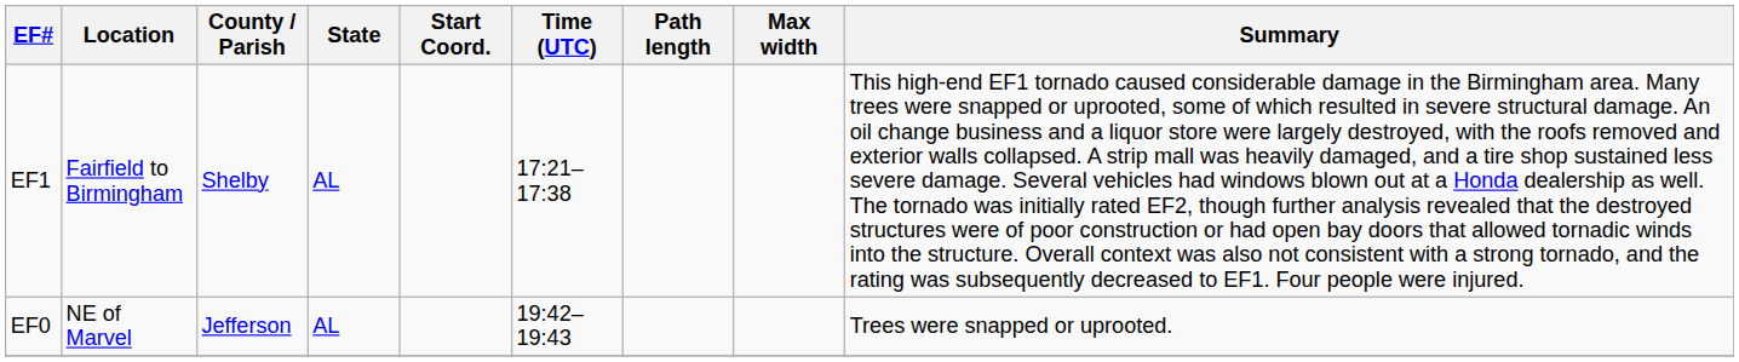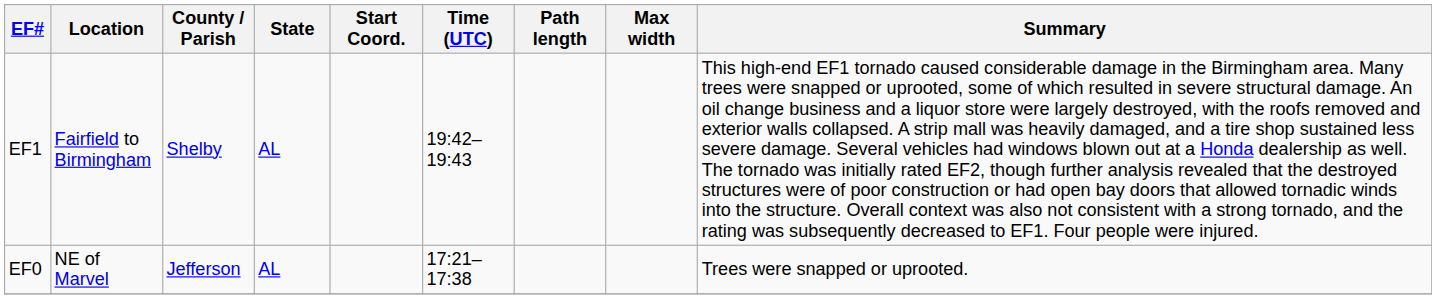 <table class="wikitable sortable" style="width:100%;">
 <tr>
 <th scope="col"  style="width:3%; text-align:center;"><a href='#'>EF#</a></th>
 <th scope="col"  style="width:7%; text-align:center;" class="unsortable">Location</th>
 <th scope="col"  style="width:6%; text-align:center;" class="unsortable">County / Parish</th>
 <th scope="col"  style="width:5%; text-align:center;">State</th>
 <th scope="col"  style="width:6%; text-align:center;">Start Coord.</th>
 <th scope="col"  style="width:6%; text-align:center;">Time (<a href='#'>UTC</a>)</th>
 <th scope="col"  style="width:6%; text-align:center;">Path length</th>
 <th scope="col"  style="width:6%; text-align:center;">Max width</th>
 <th scope="col" class="unsortable" style="width:48%; text-align:center;">Summary</th>
 </tr>
 <tr>
 <td>EF1</td>
 <td><a href='#'>Fairfield</a> to <a href='#'>Birmingham</a></td>
 <td><a href='#'>Shelby</a></td>
 <td><a href='#'>AL</a></td>
 <td></td>
-<td>17:21–17:38</td>
+<td>19:42–19:43</td>
 <td></td>
 <td></td>
 <td>This high-end EF1 tornado caused considerable damage in the Birmingham area. Many trees were snapped or uprooted, some of which resulted in severe structural damage. An oil change business and a liquor store were largely destroyed, with the roofs removed and exterior walls collapsed. A strip mall was heavily damaged, and a tire shop sustained less severe damage. Several vehicles had windows blown out at a <a href='#'>Honda</a> dealership as well. The tornado was initially rated EF2, though further analysis revealed that the destroyed structures were of poor construction or had open bay doors that allowed tornadic winds into the structure. Overall context was also not consistent with a strong tornado, and the rating was subsequently decreased to EF1. Four people were injured.</td>
 </tr>
 <tr>
 <td>EF0</td>
 <td>NE of <a href='#'>Marvel</a></td>
 <td><a href='#'>Jefferson</a></td>
 <td><a href='#'>AL</a></td>
 <td></td>
-<td>19:42–19:43</td>
+<td>17:21–17:38</td>
 <td></td>
 <td></td>
 <td>Trees were snapped or uprooted.</td>
 </tr>
 <tr>
 </tr>
 </table>
